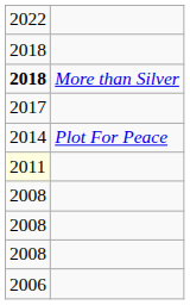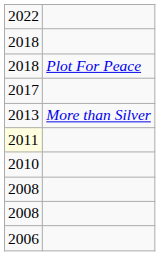 <table class="wikitable">
 <tr>
 <td>2022</td>
 <td><em></em></td>
 </tr>
 <tr>
 <td>2018</td>
 <td><em></em></td>
 </tr>
 <tr>
-<td><strong>2018</strong></td>
-<td><em><a href='#'>More than Silver</a></em></td>
+<td>2018</td>
+<td><em><a href='#'>Plot For Peace</a></em></td>
 </tr>
 <tr>
 <td>2017</td>
 <td><em></em></td>
 </tr>
 <tr>
-<td>2014</td>
-<td><em><a href='#'>Plot For Peace</a></em></td>
+<td>2013</td>
+<td><em><a href='#'>More than Silver</a></em></td>
 </tr>
 <tr>
 <td style="background: lightyellow;">2011</td>
 <td><em></em></td>
 </tr>
 <tr>
-<td>2008</td>
+<td>2010</td>
 <td><em></em></td>
 </tr>
 <tr>
 <td>2008</td>
 <td><em></em></td>
 </tr>
 <tr>
 <td>2008</td>
 <td><em></em></td>
 </tr>
 <tr>
 <td>2006</td>
 <td><em></em></td>
 </tr>
 </table>
